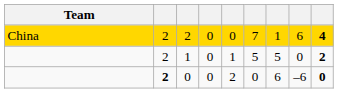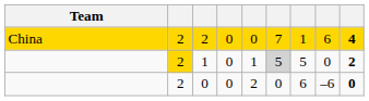 <table class=wikitable style="text-align:center">
 <tr>
 <th width="175">Team</th>
 <th width="20"></th>
 <th width="20"></th>
 <th width="20"></th>
 <th width="20"></th>
 <th width="20"></th>
 <th width="20"></th>
 <th width="20"></th>
 <th width="20"></th>
 </tr>
 <tr bgcolor=gold>
 <td align=left> China</td>
 <td>2</td>
 <td>2</td>
 <td>0</td>
 <td>0</td>
 <td>7</td>
 <td>1</td>
 <td>6</td>
 <td><strong>4</strong></td>
 </tr>
 <tr>
 <td align=left></td>
-<td>2</td>
+<td style="background: gold;">2</td>
 <td>1</td>
 <td>0</td>
 <td>1</td>
-<td>5</td>
+<td style="background: lightgrey;">5</td>
 <td>5</td>
 <td>0</td>
 <td><strong>2</strong></td>
 </tr>
 <tr>
 <td align=left></td>
-<td><strong>2</strong></td>
+<td>2</td>
 <td>0</td>
 <td>0</td>
 <td>2</td>
 <td>0</td>
 <td>6</td>
 <td>–6</td>
 <td><strong>0</strong></td>
 </tr>
 </table>
